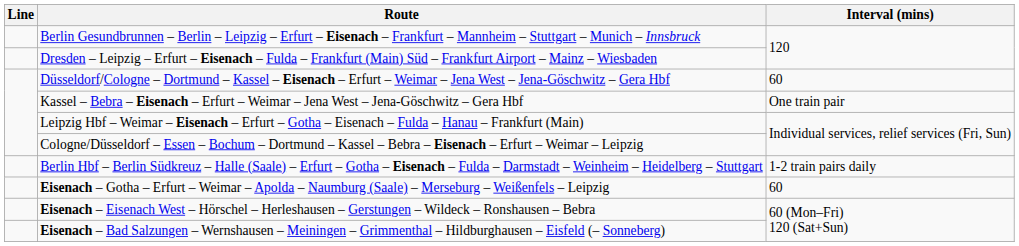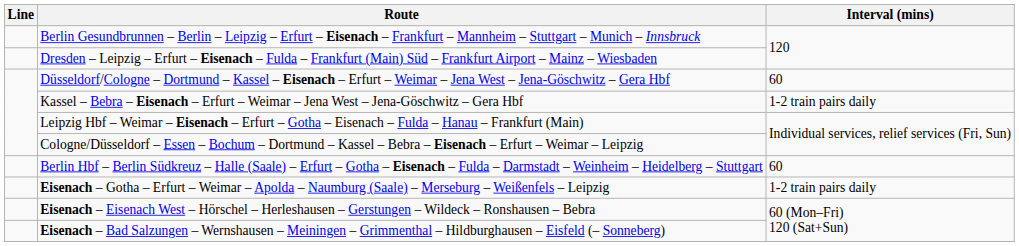 <table class="wikitable">
 <tr>
 <th>Line</th>
 <th>Route</th>
 <th>Interval (mins)</th>
 </tr>
 <tr>
 <td align="center"></td>
 <td><a href='#'>Berlin Gesundbrunnen</a> – <a href='#'>Berlin</a> – <a href='#'>Leipzig</a> – <a href='#'>Erfurt</a> – <strong>Eisenach</strong> – <a href='#'>Frankfurt</a> – <a href='#'>Mannheim</a> – <a href='#'>Stuttgart</a> – <a href='#'>Munich</a> – <em><a href='#'>Innsbruck</a></em></td>
 <td rowspan="2">120</td>
 </tr>
 <tr>
 <td style="text-align:center;"></td>
 <td><a href='#'>Dresden</a> – Leipzig – Erfurt – <strong>Eisenach</strong> – <a href='#'>Fulda</a> – <a href='#'>Frankfurt (Main) Süd</a> – <a href='#'>Frankfurt Airport</a> – <a href='#'>Mainz</a> – <a href='#'>Wiesbaden</a></td>
 </tr>
 <tr>
 <td style="text-align:center;" rowspan="4"></td>
 <td><a href='#'>Düsseldorf</a>/<a href='#'>Cologne</a> – <a href='#'>Dortmund</a> – <a href='#'>Kassel</a> – <strong>Eisenach</strong> – Erfurt – <a href='#'>Weimar</a> – <a href='#'>Jena West</a> – <a href='#'>Jena-Göschwitz</a> – <a href='#'>Gera Hbf</a></td>
 <td>60</td>
 </tr>
 <tr>
 <td>Kassel – <a href='#'>Bebra</a> – <strong>Eisenach</strong> – Erfurt – Weimar – Jena West – Jena-Göschwitz – Gera Hbf</td>
-<td>One train pair</td>
+<td>1-2 train pairs daily</td>
 </tr>
 <tr>
 <td>Leipzig Hbf – Weimar – <strong>Eisenach</strong> – Erfurt – <a href='#'>Gotha</a> – Eisenach – <a href='#'>Fulda</a> – <a href='#'>Hanau</a> – Frankfurt (Main)</td>
 <td rowspan="2">Individual services, relief services (Fri, Sun)</td>
 </tr>
 <tr>
 <td>Cologne/Düsseldorf – <a href='#'>Essen</a> – <a href='#'>Bochum</a> – Dortmund – Kassel – Bebra – <strong>Eisenach</strong> – Erfurt – Weimar – Leipzig</td>
 </tr>
 <tr>
 <td></td>
 <td><a href='#'>Berlin Hbf</a> – <a href='#'>Berlin Südkreuz</a> – <a href='#'>Halle (Saale)</a> – <a href='#'>Erfurt</a> – <a href='#'>Gotha</a> – <strong>Eisenach</strong> – <a href='#'>Fulda</a> –  <a href='#'>Darmstadt</a> – <a href='#'>Weinheim</a> – <a href='#'>Heidelberg</a> – <a href='#'>Stuttgart</a></td>
-<td>1-2 train pairs daily</td>
+<td>60</td>
 </tr>
 <tr>
 <td></td>
 <td><strong>Eisenach</strong> – Gotha – Erfurt – Weimar – <a href='#'>Apolda</a> – <a href='#'>Naumburg (Saale)</a> – <a href='#'>Merseburg</a> – <a href='#'>Weißenfels</a> – Leipzig</td>
-<td>60</td>
+<td>1-2 train pairs daily</td>
 </tr>
 <tr>
 <td></td>
 <td><strong>Eisenach</strong> – <a href='#'>Eisenach West</a> – Hörschel – Herleshausen – <a href='#'>Gerstungen</a> – Wildeck – Ronshausen – Bebra</td>
 <td rowspan="2">60  (Mon–Fri)<br>120 (Sat+Sun)</td>
 </tr>
 <tr>
 <td align="center"></td>
 <td><strong>Eisenach</strong> – <a href='#'>Bad Salzungen</a> – Wernshausen – <a href='#'>Meiningen</a> – <a href='#'>Grimmenthal</a> – Hildburghausen – <a href='#'>Eisfeld</a> (– <a href='#'>Sonneberg</a>)</td>
 </tr>
 </table>
